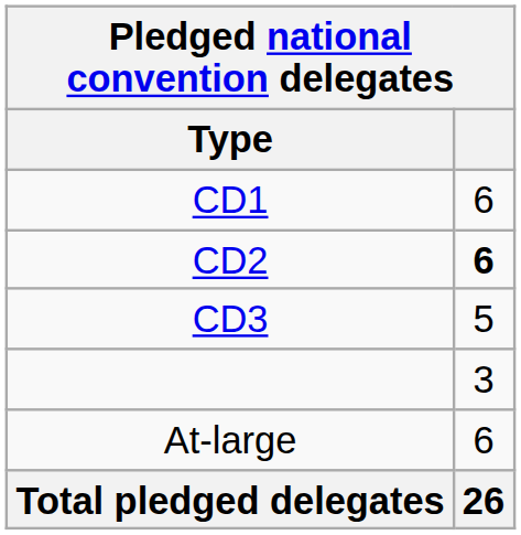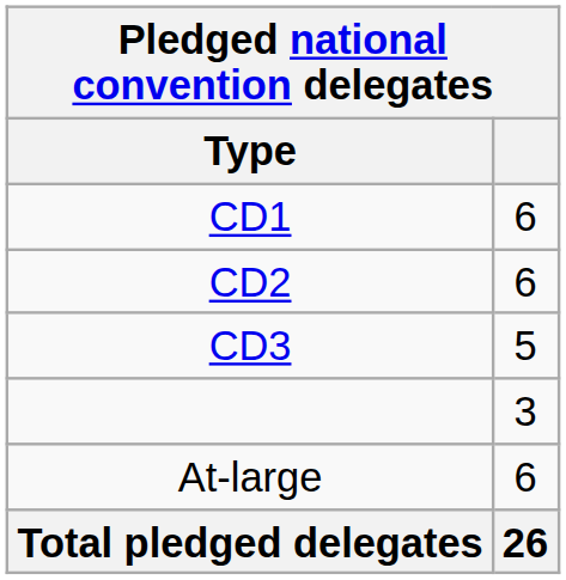 <table class="wikitable sortable" style="font-size:90%;text-align:center;float:right;padding:5px;">
 <tr>
 <th colspan="2">Pledged <a href='#'>national<br>convention</a> delegates</th>
 </tr>
 <tr>
 <th>Type</th>
 <th></th>
 </tr>
 <tr>
 <td><a href='#'>CD1</a></td>
 <td>6</td>
 </tr>
 <tr>
 <td><a href='#'>CD2</a></td>
-<td><strong>6</strong></td>
+<td>6</td>
 </tr>
 <tr>
 <td><a href='#'>CD3</a></td>
 <td>5</td>
 </tr>
 <tr>
 <td></td>
 <td>3</td>
 </tr>
 <tr>
 <td>At-large</td>
 <td>6</td>
 </tr>
 <tr>
 <th>Total pledged delegates</th>
 <th>26</th>
 </tr>
 </table>
